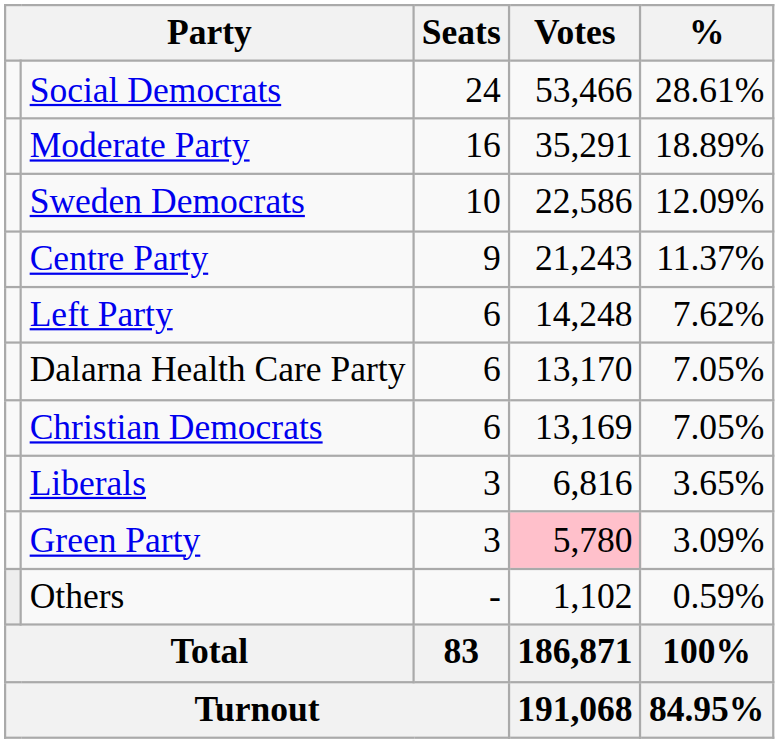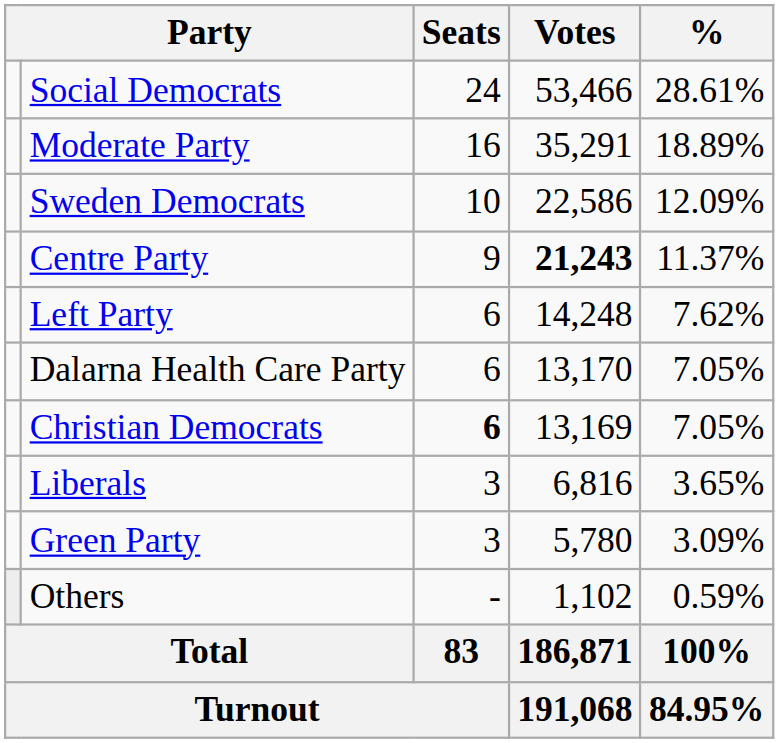 <table class="wikitable" style="text-align:right">
 <tr>
 <th colspan=2>Party</th>
 <th>Seats</th>
 <th>Votes</th>
 <th>%</th>
 </tr>
 <tr>
 <td bgcolor=></td>
 <td align=left><a href='#'>Social Democrats</a></td>
 <td>24</td>
 <td>53,466</td>
 <td>28.61%</td>
 </tr>
 <tr>
 <td bgcolor=></td>
 <td align=left><a href='#'>Moderate Party</a></td>
 <td>16</td>
 <td>35,291</td>
 <td>18.89%</td>
 </tr>
 <tr>
 <td bgcolor=></td>
 <td align=left><a href='#'>Sweden Democrats</a></td>
 <td>10</td>
 <td>22,586</td>
 <td>12.09%</td>
 </tr>
 <tr>
 <td bgcolor=></td>
 <td align=left><a href='#'>Centre Party</a></td>
 <td>9</td>
-<td>21,243</td>
+<td><strong>21,243</strong></td>
 <td>11.37%</td>
 </tr>
 <tr>
 <td bgcolor=></td>
 <td align=left><a href='#'>Left Party</a></td>
 <td>6</td>
 <td>14,248</td>
 <td>7.62%</td>
 </tr>
 <tr>
 <td></td>
 <td align=left>Dalarna Health Care Party</td>
 <td>6</td>
 <td>13,170</td>
 <td>7.05%</td>
 </tr>
 <tr>
 <td bgcolor=></td>
 <td align=left><a href='#'>Christian Democrats</a></td>
-<td>6</td>
+<td><strong>6</strong></td>
 <td>13,169</td>
 <td>7.05%</td>
 </tr>
 <tr>
 <td bgcolor=></td>
 <td align=left><a href='#'>Liberals</a></td>
 <td>3</td>
 <td>6,816</td>
 <td>3.65%</td>
 </tr>
 <tr>
 <td bgcolor=></td>
 <td align=left><a href='#'>Green Party</a></td>
 <td>3</td>
-<td style="background: pink;">5,780</td>
+<td>5,780</td>
 <td>3.09%</td>
 </tr>
 <tr>
 <td bgcolor=#eeeeee></td>
 <td align=left>Others</td>
 <td align=right>-</td>
 <td>1,102</td>
 <td>0.59%</td>
 </tr>
 <tr>
 <th colspan=2>Total</th>
 <th>83</th>
 <th>186,871</th>
 <th>100%</th>
 </tr>
 <tr>
 <th colspan=3>Turnout</th>
 <th>191,068</th>
 <th>84.95%</th>
 </tr>
 </table>
